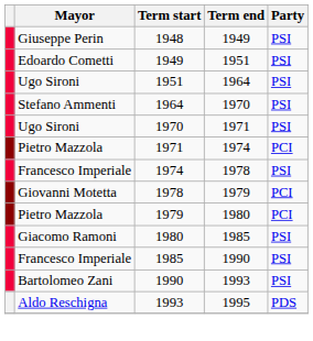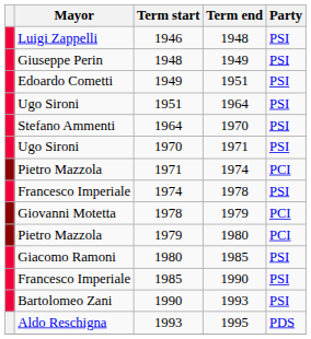 <table class="wikitable">
 <tr>
 <th class=unsortable> </th>
 <th>Mayor</th>
 <th>Term start</th>
 <th>Term end</th>
 <th>Party</th>
+</tr>
+<tr>
+<th style="background:#F2003C;"></th>
+<td><a href='#'>Luigi Zappelli</a></td>
+<td align=center>1946</td>
+<td align=center>1948</td>
+<td><a href='#'>PSI</a></td>
 </tr>
 <tr>
 <th style="background:#F2003C;"></th>
 <td>Giuseppe Perin</td>
 <td align=center>1948</td>
 <td align=center>1949</td>
 <td><a href='#'>PSI</a></td>
 </tr>
 <tr>
 <th style="background:#F2003C;"></th>
 <td>Edoardo Cometti</td>
 <td align=center>1949</td>
 <td align=center>1951</td>
 <td><a href='#'>PSI</a></td>
 </tr>
 <tr>
 <th style="background:#F2003C;"></th>
 <td>Ugo Sironi</td>
 <td align=center>1951</td>
 <td align=center>1964</td>
 <td><a href='#'>PSI</a></td>
 </tr>
 <tr>
 <th style="background:#F2003C;"></th>
 <td>Stefano Ammenti</td>
 <td align=center>1964</td>
 <td align=center>1970</td>
 <td><a href='#'>PSI</a></td>
 </tr>
 <tr>
 <th style="background:#F2003C;"></th>
 <td>Ugo Sironi</td>
 <td align=center>1970</td>
 <td align=center>1971</td>
 <td><a href='#'>PSI</a></td>
 </tr>
 <tr>
 <th style="background:#8B0000;"></th>
 <td>Pietro Mazzola</td>
 <td align=center>1971</td>
 <td align=center>1974</td>
 <td><a href='#'>PCI</a></td>
 </tr>
 <tr>
 <th style="background:#F2003C;"></th>
 <td>Francesco Imperiale</td>
 <td align=center>1974</td>
 <td align=center>1978</td>
 <td><a href='#'>PSI</a></td>
 </tr>
 <tr>
 <th style="background:#8B0000;"></th>
 <td>Giovanni Motetta</td>
 <td align=center>1978</td>
 <td align=center>1979</td>
 <td><a href='#'>PCI</a></td>
 </tr>
 <tr>
 <th style="background:#8B0000;"></th>
 <td>Pietro Mazzola</td>
 <td align=center>1979</td>
 <td align=center>1980</td>
 <td><a href='#'>PCI</a></td>
 </tr>
 <tr>
 <th style="background:#F2003C;"></th>
 <td>Giacomo Ramoni</td>
 <td align=center>1980</td>
 <td align=center>1985</td>
 <td><a href='#'>PSI</a></td>
 </tr>
 <tr>
 <th style="background:#F2003C;"></th>
 <td>Francesco Imperiale</td>
 <td align=center>1985</td>
 <td align=center>1990</td>
 <td><a href='#'>PSI</a></td>
 </tr>
 <tr>
 <th style="background:#F2003C;"></th>
 <td>Bartolomeo Zani</td>
 <td align=center>1990</td>
 <td align=center>1993</td>
 <td><a href='#'>PSI</a></td>
 </tr>
 <tr>
 <th style="background:"></th>
 <td><a href='#'>Aldo Reschigna</a></td>
 <td align=center>1993</td>
 <td align=center>1995</td>
 <td><a href='#'>PDS</a></td>
 </tr>
 <tr>
 </tr>
 </table>
